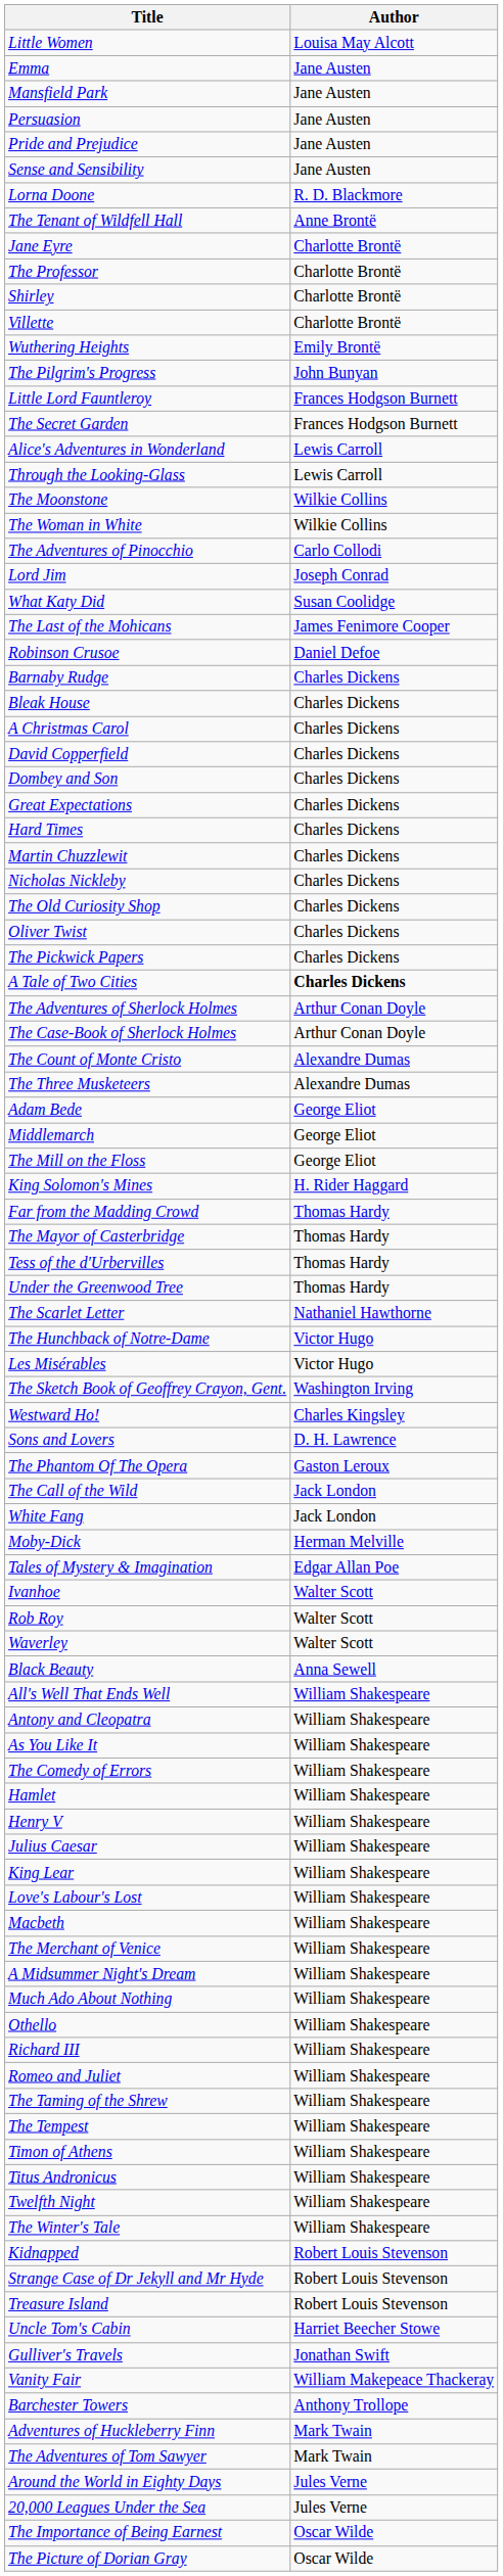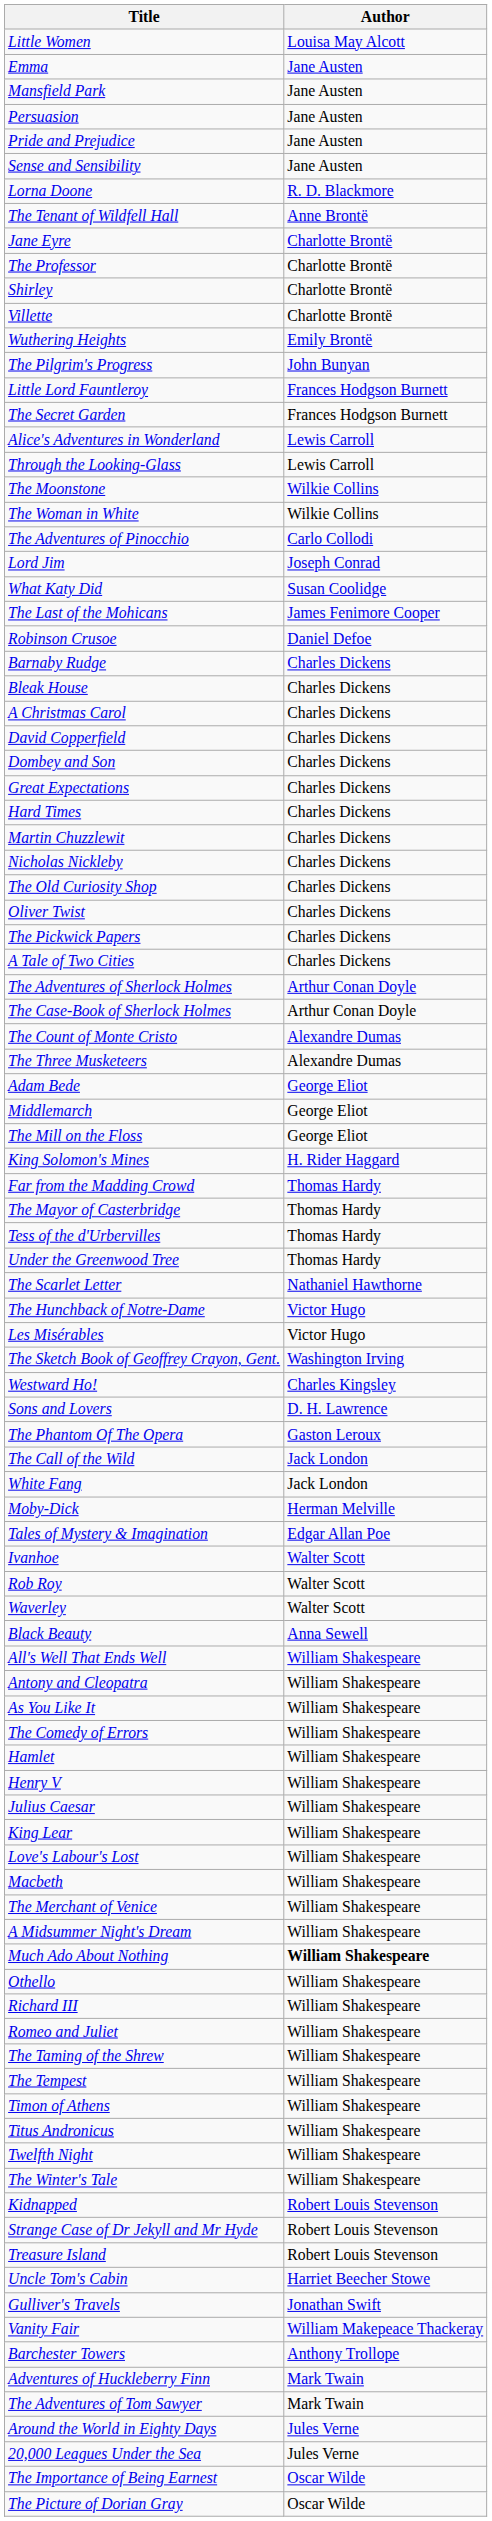 <table class="wikitable sortable mw-collapsible">
 <tr>
 <th>Title</th>
 <th>Author</th>
 </tr>
 <tr>
 <td><em><a href='#'>Little Women</a></em></td>
 <td><a href='#'>Louisa May Alcott</a></td>
 </tr>
 <tr>
 <td><em><a href='#'>Emma</a></em></td>
 <td><a href='#'>Jane Austen</a></td>
 </tr>
 <tr>
 <td><em><a href='#'>Mansfield Park</a></em></td>
 <td>Jane Austen</td>
 </tr>
 <tr>
 <td><em><a href='#'>Persuasion</a></em></td>
 <td>Jane Austen</td>
 </tr>
 <tr>
 <td><em><a href='#'>Pride and Prejudice</a></em></td>
 <td>Jane Austen</td>
 </tr>
 <tr>
 <td><em><a href='#'>Sense and Sensibility</a></em></td>
 <td>Jane Austen</td>
 </tr>
 <tr>
 <td><em><a href='#'>Lorna Doone</a></em></td>
 <td><a href='#'>R. D. Blackmore</a></td>
 </tr>
 <tr>
 <td><em><a href='#'>The Tenant of Wildfell Hall</a></em></td>
 <td><a href='#'>Anne Brontë</a></td>
 </tr>
 <tr>
 <td><em><a href='#'>Jane Eyre</a></em></td>
 <td><a href='#'>Charlotte Brontë</a></td>
 </tr>
 <tr>
 <td><em><a href='#'>The Professor</a></em></td>
 <td>Charlotte Brontë</td>
 </tr>
 <tr>
 <td><em><a href='#'>Shirley</a></em></td>
 <td>Charlotte Brontë</td>
 </tr>
 <tr>
 <td><em><a href='#'>Villette</a></em></td>
 <td>Charlotte Brontë</td>
 </tr>
 <tr>
 <td><em><a href='#'>Wuthering Heights</a></em></td>
 <td><a href='#'>Emily Brontë</a></td>
 </tr>
 <tr>
 <td><em><a href='#'>The Pilgrim's Progress</a></em></td>
 <td><a href='#'>John Bunyan</a></td>
 </tr>
 <tr>
 <td><em><a href='#'>Little Lord Fauntleroy</a></em></td>
 <td><a href='#'>Frances Hodgson Burnett</a></td>
 </tr>
 <tr>
 <td><em><a href='#'>The Secret Garden</a></em></td>
 <td>Frances Hodgson Burnett</td>
 </tr>
 <tr>
 <td><em><a href='#'>Alice's Adventures in Wonderland</a></em></td>
 <td><a href='#'>Lewis Carroll</a></td>
 </tr>
 <tr>
 <td><em><a href='#'>Through the Looking-Glass</a></em></td>
 <td>Lewis Carroll</td>
 </tr>
 <tr>
 <td><em><a href='#'>The Moonstone</a></em></td>
 <td><a href='#'>Wilkie Collins</a></td>
 </tr>
 <tr>
 <td><em><a href='#'>The Woman in White</a></em></td>
 <td>Wilkie Collins</td>
 </tr>
 <tr>
 <td><em><a href='#'>The Adventures of Pinocchio</a></em></td>
 <td><a href='#'>Carlo Collodi</a></td>
 </tr>
 <tr>
 <td><em><a href='#'>Lord Jim</a></em></td>
 <td><a href='#'>Joseph Conrad</a></td>
 </tr>
 <tr>
 <td><em><a href='#'>What Katy Did</a></em></td>
 <td><a href='#'>Susan Coolidge</a></td>
 </tr>
 <tr>
 <td><em><a href='#'>The Last of the Mohicans</a></em></td>
 <td><a href='#'>James Fenimore Cooper</a></td>
 </tr>
 <tr>
 <td><em><a href='#'>Robinson Crusoe</a></em></td>
 <td><a href='#'>Daniel Defoe</a></td>
 </tr>
 <tr>
 <td><em><a href='#'>Barnaby Rudge</a></em></td>
 <td><a href='#'>Charles Dickens</a></td>
 </tr>
 <tr>
 <td><em><a href='#'>Bleak House</a></em></td>
 <td>Charles Dickens</td>
 </tr>
 <tr>
 <td><em><a href='#'>A Christmas Carol</a></em></td>
 <td>Charles Dickens</td>
 </tr>
 <tr>
 <td><em><a href='#'>David Copperfield</a></em></td>
 <td>Charles Dickens</td>
 </tr>
 <tr>
 <td><em><a href='#'>Dombey and Son</a></em></td>
 <td>Charles Dickens</td>
 </tr>
 <tr>
 <td><em><a href='#'>Great Expectations</a></em></td>
 <td>Charles Dickens</td>
 </tr>
 <tr>
 <td><em><a href='#'>Hard Times</a></em></td>
 <td>Charles Dickens</td>
 </tr>
 <tr>
 <td><em><a href='#'>Martin Chuzzlewit</a></em></td>
 <td>Charles Dickens</td>
 </tr>
 <tr>
 <td><em><a href='#'>Nicholas Nickleby</a></em></td>
 <td>Charles Dickens</td>
 </tr>
 <tr>
 <td><em><a href='#'>The Old Curiosity Shop</a></em></td>
 <td>Charles Dickens</td>
 </tr>
 <tr>
 <td><em><a href='#'>Oliver Twist</a></em></td>
 <td>Charles Dickens</td>
 </tr>
 <tr>
 <td><em><a href='#'>The Pickwick Papers</a></em></td>
 <td>Charles Dickens</td>
 </tr>
 <tr>
 <td><em><a href='#'>A Tale of Two Cities</a></em></td>
-<td><strong>Charles Dickens</strong></td>
+<td>Charles Dickens</td>
 </tr>
 <tr>
 <td><em><a href='#'>The Adventures of Sherlock Holmes</a></em></td>
 <td><a href='#'>Arthur Conan Doyle</a></td>
 </tr>
 <tr>
 <td><em><a href='#'>The Case-Book of Sherlock Holmes</a></em></td>
 <td>Arthur Conan Doyle</td>
 </tr>
 <tr>
 <td><em><a href='#'>The Count of Monte Cristo</a></em></td>
 <td><a href='#'>Alexandre Dumas</a></td>
 </tr>
 <tr>
 <td><em><a href='#'>The Three Musketeers</a></em></td>
 <td>Alexandre Dumas</td>
 </tr>
 <tr>
 <td><em><a href='#'>Adam Bede</a></em></td>
 <td><a href='#'>George Eliot</a></td>
 </tr>
 <tr>
 <td><em><a href='#'>Middlemarch</a></em></td>
 <td>George Eliot</td>
 </tr>
 <tr>
 <td><em><a href='#'>The Mill on the Floss</a></em></td>
 <td>George Eliot</td>
 </tr>
 <tr>
 <td><em><a href='#'>King Solomon's Mines</a></em></td>
 <td><a href='#'>H. Rider Haggard</a></td>
 </tr>
 <tr>
 <td><em><a href='#'>Far from the Madding Crowd</a></em></td>
 <td><a href='#'>Thomas Hardy</a></td>
 </tr>
 <tr>
 <td><em><a href='#'>The Mayor of Casterbridge</a></em></td>
 <td>Thomas Hardy</td>
 </tr>
 <tr>
 <td><em><a href='#'>Tess of the d'Urbervilles</a></em></td>
 <td>Thomas Hardy</td>
 </tr>
 <tr>
 <td><em><a href='#'>Under the Greenwood Tree</a></em></td>
 <td>Thomas Hardy</td>
 </tr>
 <tr>
 <td><em><a href='#'>The Scarlet Letter</a></em></td>
 <td><a href='#'>Nathaniel Hawthorne</a></td>
 </tr>
 <tr>
 <td><em><a href='#'>The Hunchback of Notre-Dame</a></em></td>
 <td><a href='#'>Victor Hugo</a></td>
 </tr>
 <tr>
 <td><em><a href='#'>Les Misérables</a></em></td>
 <td>Victor Hugo</td>
 </tr>
 <tr>
 <td><em><a href='#'>The Sketch Book of Geoffrey Crayon, Gent.</a></em></td>
 <td><a href='#'>Washington Irving</a></td>
 </tr>
 <tr>
 <td><em><a href='#'>Westward Ho!</a></em></td>
 <td><a href='#'>Charles Kingsley</a></td>
 </tr>
 <tr>
 <td><em><a href='#'>Sons and Lovers</a></em></td>
 <td><a href='#'>D. H. Lawrence</a></td>
 </tr>
 <tr>
 <td><em><a href='#'>The Phantom Of The Opera</a></em></td>
 <td><a href='#'>Gaston Leroux</a></td>
 </tr>
 <tr>
 <td><em><a href='#'>The Call of the Wild</a></em></td>
 <td><a href='#'>Jack London</a></td>
 </tr>
 <tr>
 <td><em><a href='#'>White Fang</a></em></td>
 <td>Jack London</td>
 </tr>
 <tr>
 <td><em><a href='#'>Moby-Dick</a></em></td>
 <td><a href='#'>Herman Melville</a></td>
 </tr>
 <tr>
 <td><em><a href='#'>Tales of Mystery & Imagination</a></em></td>
 <td><a href='#'>Edgar Allan Poe</a></td>
 </tr>
 <tr>
 <td><em><a href='#'>Ivanhoe</a></em></td>
 <td><a href='#'>Walter Scott</a></td>
 </tr>
 <tr>
 <td><em><a href='#'>Rob Roy</a></em></td>
 <td>Walter Scott</td>
 </tr>
 <tr>
 <td><em><a href='#'>Waverley</a></em></td>
 <td>Walter Scott</td>
 </tr>
 <tr>
 <td><em><a href='#'>Black Beauty</a></em></td>
 <td><a href='#'>Anna Sewell</a></td>
 </tr>
 <tr>
 <td><em><a href='#'>All's Well That Ends Well</a></em></td>
 <td><a href='#'>William Shakespeare</a></td>
 </tr>
 <tr>
 <td><em><a href='#'>Antony and Cleopatra</a></em></td>
 <td>William Shakespeare</td>
 </tr>
 <tr>
 <td><em><a href='#'>As You Like It</a></em></td>
 <td>William Shakespeare</td>
 </tr>
 <tr>
 <td><em><a href='#'>The Comedy of Errors</a></em></td>
 <td>William Shakespeare</td>
 </tr>
 <tr>
 <td><em><a href='#'>Hamlet</a></em></td>
 <td>William Shakespeare</td>
 </tr>
 <tr>
 <td><em><a href='#'>Henry V</a></em></td>
 <td>William Shakespeare</td>
 </tr>
 <tr>
 <td><em><a href='#'>Julius Caesar</a></em></td>
 <td>William Shakespeare</td>
 </tr>
 <tr>
 <td><em><a href='#'>King Lear</a></em></td>
 <td>William Shakespeare</td>
 </tr>
 <tr>
 <td><em><a href='#'>Love's Labour's Lost</a></em></td>
 <td>William Shakespeare</td>
 </tr>
 <tr>
 <td><em><a href='#'>Macbeth</a></em></td>
 <td>William Shakespeare</td>
 </tr>
 <tr>
 <td><em><a href='#'>The Merchant of Venice</a></em></td>
 <td>William Shakespeare</td>
 </tr>
 <tr>
 <td><em><a href='#'>A Midsummer Night's Dream</a></em></td>
 <td>William Shakespeare</td>
 </tr>
 <tr>
 <td><em><a href='#'>Much Ado About Nothing</a></em></td>
-<td>William Shakespeare</td>
+<td><strong>William Shakespeare</strong></td>
 </tr>
 <tr>
 <td><em><a href='#'>Othello</a></em></td>
 <td>William Shakespeare</td>
 </tr>
 <tr>
 <td><em><a href='#'>Richard III</a></em></td>
 <td>William Shakespeare</td>
 </tr>
 <tr>
 <td><em><a href='#'>Romeo and Juliet</a></em></td>
 <td>William Shakespeare</td>
 </tr>
 <tr>
 <td><em><a href='#'>The Taming of the Shrew</a></em></td>
 <td>William Shakespeare</td>
 </tr>
 <tr>
 <td><em><a href='#'>The Tempest</a></em></td>
 <td>William Shakespeare</td>
 </tr>
 <tr>
 <td><em><a href='#'>Timon of Athens</a></em></td>
 <td>William Shakespeare</td>
 </tr>
 <tr>
 <td><em><a href='#'>Titus Andronicus</a></em></td>
 <td>William Shakespeare</td>
 </tr>
 <tr>
 <td><em><a href='#'>Twelfth Night</a></em></td>
 <td>William Shakespeare</td>
 </tr>
 <tr>
 <td><em><a href='#'>The Winter's Tale</a></em></td>
 <td>William Shakespeare</td>
 </tr>
 <tr>
 <td><em><a href='#'>Kidnapped</a></em></td>
 <td><a href='#'>Robert Louis Stevenson</a></td>
 </tr>
 <tr>
 <td><em><a href='#'>Strange Case of Dr Jekyll and Mr Hyde</a></em></td>
 <td>Robert Louis Stevenson</td>
 </tr>
 <tr>
 <td><em><a href='#'>Treasure Island</a></em></td>
 <td>Robert Louis Stevenson</td>
 </tr>
 <tr>
 <td><em><a href='#'>Uncle Tom's Cabin</a></em></td>
 <td><a href='#'>Harriet Beecher Stowe</a></td>
 </tr>
 <tr>
 <td><em><a href='#'>Gulliver's Travels</a></em></td>
 <td><a href='#'>Jonathan Swift</a></td>
 </tr>
 <tr>
 <td><em><a href='#'>Vanity Fair</a></em></td>
 <td><a href='#'>William Makepeace Thackeray</a></td>
 </tr>
 <tr>
 <td><em><a href='#'>Barchester Towers</a></em></td>
 <td><a href='#'>Anthony Trollope</a></td>
 </tr>
 <tr>
 <td><em><a href='#'>Adventures of Huckleberry Finn</a></em></td>
 <td><a href='#'>Mark Twain</a></td>
 </tr>
 <tr>
 <td><em><a href='#'>The Adventures of Tom Sawyer</a></em></td>
 <td>Mark Twain</td>
 </tr>
 <tr>
 <td><em><a href='#'>Around the World in Eighty Days</a></em></td>
 <td><a href='#'>Jules Verne</a></td>
 </tr>
 <tr>
 <td><em><a href='#'>20,000 Leagues Under the Sea</a></em></td>
 <td>Jules Verne</td>
 </tr>
 <tr>
 <td><em><a href='#'>The Importance of Being Earnest</a></em></td>
 <td><a href='#'>Oscar Wilde</a></td>
 </tr>
 <tr>
 <td><em><a href='#'>The Picture of Dorian Gray</a></em></td>
 <td>Oscar Wilde</td>
 </tr>
 </table>
